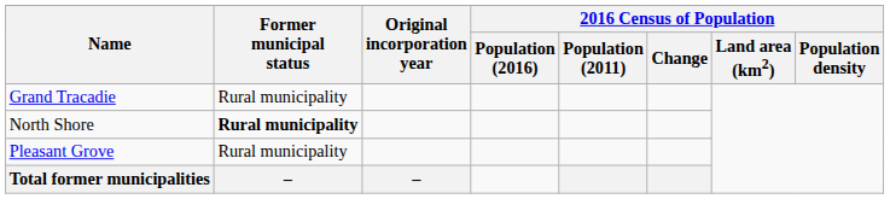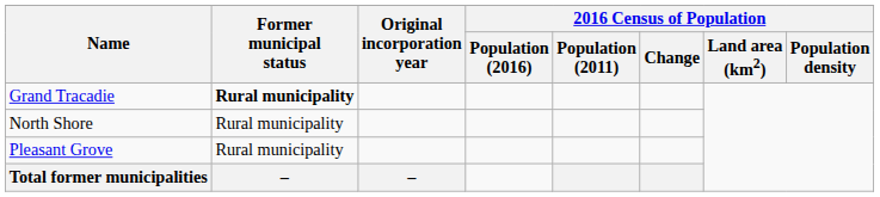 <table class="wikitable sortable collapsible">
 <tr class="sorttop" align="center">
 </tr>
 <tr>
 <th scope="col" rowspan=2>Name</th>
 <th scope="col" rowspan=2>Former<br>municipal<br>status</th>
 <th scope="col" rowspan=2>Original<br>incorporation<br>year</th>
 <th scope="col" colspan=5><a href='#'>2016 Census of Population</a></th>
 </tr>
 <tr>
 <th scope="col">Population<br>(2016)</th>
 <th scope="col">Population<br>(2011)</th>
 <th scope="col">Change</th>
 <th scope="col">Land area<br>(km<sup>2</sup>)</th>
 <th scope="col" data-sort-type="number">Population<br>density</th>
 </tr>
 <tr>
 <td scope="row"><a href='#'>Grand Tracadie</a></td>
-<td>Rural municipality</td>
+<td><strong>Rural municipality</strong></td>
 <td align=center></td>
 <td></td>
 <td align=center></td>
 <td align=center></td>
 </tr>
 <tr>
 <td scope="row">North Shore</td>
-<td><strong>Rural municipality</strong></td>
+<td>Rural municipality</td>
 <td align=center></td>
 <td></td>
 <td align=center></td>
 <td align=center></td>
 </tr>
 <tr>
 <td scope="row"><a href='#'>Pleasant Grove</a></td>
 <td>Rural municipality</td>
 <td align=center></td>
 <td></td>
 <td align=center></td>
 <td align=center></td>
 </tr>
 <tr class="sortbottom" align="center">
 <th scope="col" align="center">Total former municipalities</th>
 <th scope="col" align="center">–</th>
 <th scope="col" align="center">–</th>
 <td></td>
 <th scope="col" align="center"></th>
 <th scope="col" align="center"></th>
 </tr>
 </table>
